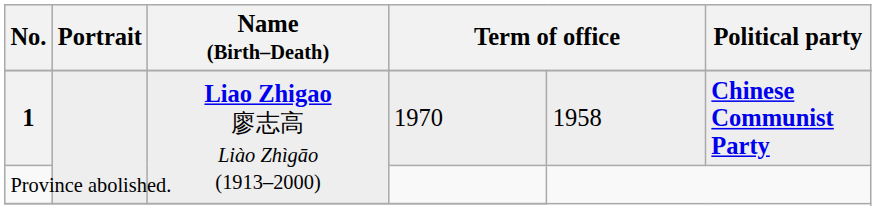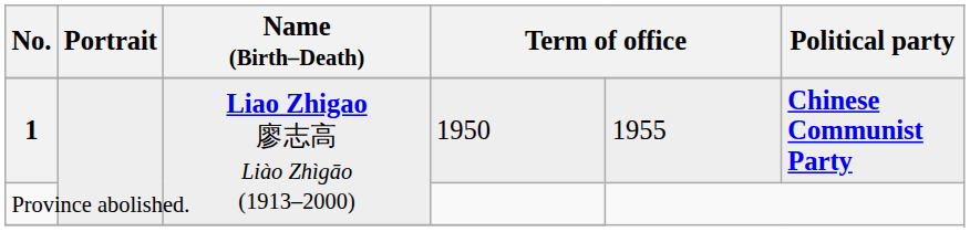 <table class="wikitable">
 <tr ->
 <th>No.</th>
 <th>Portrait</th>
 <th width=150px>Name<br><small>(Birth–Death)</small></th>
 <th colspan=2 width=200px>Term of office</th>
 <th width=100px>Political party</th>
 </tr>
 <tr ->
 </tr>
 <tr - bgcolor=#EEEEEE>
 <th style="background:">1</th>
 <td rowspan=2 align=center></td>
 <td rowspan=2 align=center><strong><a href='#'>Liao Zhigao</a></strong><br><span>廖志高</span><br><small><em>Liào Zhìgāo</em><br>(1913–2000)</small></td>
-<td>1970</td>
-<td>1958</td>
+<td>1950</td>
+<td>1955</td>
 <td><strong><a href='#'>Chinese Communist Party</a></strong></td>
 </tr>
 <tr>
 <td colspan=4><small>Province abolished.</small></td>
 </tr>
 <tr>
 </tr>
 </table>
